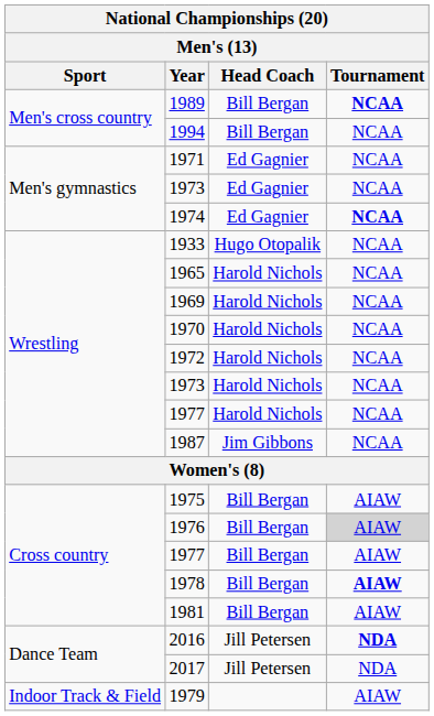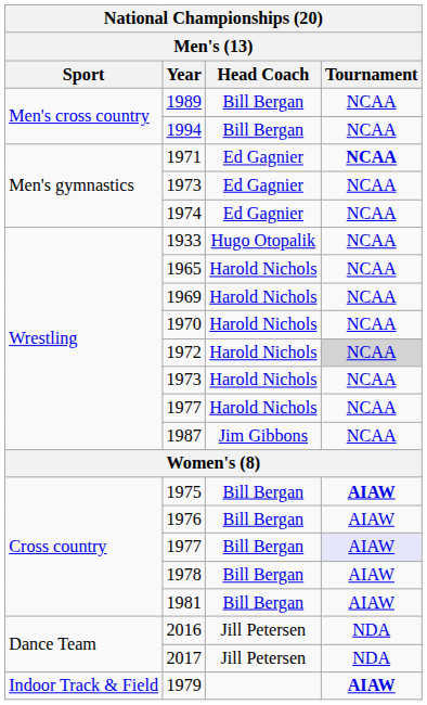 <table class="wikitable">
 <tr>
 <th colspan="4">National Championships (20)</th>
 </tr>
 <tr>
 <th colspan="4">Men's (13)</th>
 </tr>
 <tr>
 <th scope="col">Sport</th>
 <th scope="col">Year</th>
 <th scope="col">Head Coach</th>
 <th scope="col">Tournament</th>
 </tr>
 <tr>
 <td rowspan="2"><a href='#'>Men's cross country</a></td>
 <td style="text-align: center;"><a href='#'>1989</a></td>
 <td style="text-align: center;"><a href='#'>Bill Bergan</a></td>
-<td style="text-align: center;"><strong><a href='#'>NCAA</a></strong></td>
+<td style="text-align: center;"><a href='#'>NCAA</a></td>
 </tr>
 <tr>
 <td style="text-align: center;"><a href='#'>1994</a></td>
 <td style="text-align: center;"><a href='#'>Bill Bergan</a></td>
 <td style="text-align: center;"><a href='#'>NCAA</a></td>
 </tr>
 <tr>
 <td rowspan="3">Men's gymnastics</td>
 <td style="text-align: center;">1971</td>
 <td style="text-align: center;"><a href='#'>Ed Gagnier</a></td>
-<td style="text-align: center;"><a href='#'>NCAA</a></td>
+<td style="text-align: center;"><strong><a href='#'>NCAA</a></strong></td>
 </tr>
 <tr>
 <td style="text-align: center;">1973</td>
 <td style="text-align: center;"><a href='#'>Ed Gagnier</a></td>
 <td style="text-align: center;"><a href='#'>NCAA</a></td>
 </tr>
 <tr>
 <td style="text-align: center;">1974</td>
 <td style="text-align: center;"><a href='#'>Ed Gagnier</a></td>
-<td style="text-align: center;"><strong><a href='#'>NCAA</a></strong></td>
+<td style="text-align: center;"><a href='#'>NCAA</a></td>
 </tr>
 <tr>
 <td rowspan="8"><a href='#'>Wrestling</a></td>
 <td style="text-align: center;">1933</td>
 <td style="text-align: center;"><a href='#'>Hugo Otopalik</a></td>
 <td style="text-align: center;"><a href='#'>NCAA</a></td>
 </tr>
 <tr>
 <td style="text-align: center;">1965</td>
 <td style="text-align: center;"><a href='#'>Harold Nichols</a></td>
 <td style="text-align: center;"><a href='#'>NCAA</a></td>
 </tr>
 <tr>
 <td style="text-align: center;">1969</td>
 <td style="text-align: center;"><a href='#'>Harold Nichols</a></td>
 <td style="text-align: center;"><a href='#'>NCAA</a></td>
 </tr>
 <tr>
 <td style="text-align: center;">1970</td>
 <td style="text-align: center;"><a href='#'>Harold Nichols</a></td>
 <td style="text-align: center;"><a href='#'>NCAA</a></td>
 </tr>
 <tr>
 <td style="text-align: center;">1972</td>
 <td style="text-align: center;"><a href='#'>Harold Nichols</a></td>
-<td style="text-align: center;"><a href='#'>NCAA</a></td>
+<td style="background: lightgrey; text-align: center;"><a href='#'>NCAA</a></td>
 </tr>
 <tr>
 <td style="text-align: center;">1973</td>
 <td style="text-align: center;"><a href='#'>Harold Nichols</a></td>
 <td style="text-align: center;"><a href='#'>NCAA</a></td>
 </tr>
 <tr>
 <td style="text-align: center;">1977</td>
 <td style="text-align: center;"><a href='#'>Harold Nichols</a></td>
 <td style="text-align: center;"><a href='#'>NCAA</a></td>
 </tr>
 <tr>
 <td style="text-align: center;">1987</td>
 <td style="text-align: center;"><a href='#'>Jim Gibbons</a></td>
 <td style="text-align: center;"><a href='#'>NCAA</a></td>
 </tr>
 <tr>
 <th colspan="4">Women's (8)</th>
 </tr>
 <tr>
 <td rowspan="5"><a href='#'>Cross country</a></td>
 <td style="text-align: center;">1975</td>
 <td style="text-align: center;"><a href='#'>Bill Bergan</a></td>
-<td style="text-align: center;"><a href='#'>AIAW</a></td>
+<td style="text-align: center;"><strong><a href='#'>AIAW</a></strong></td>
 </tr>
 <tr>
 <td style="text-align: center;">1976</td>
 <td style="text-align: center;"><a href='#'>Bill Bergan</a></td>
-<td style="background: lightgrey; text-align: center;"><a href='#'>AIAW</a></td>
+<td style="text-align: center;"><a href='#'>AIAW</a></td>
 </tr>
 <tr>
 <td style="text-align: center;">1977</td>
 <td style="text-align: center;"><a href='#'>Bill Bergan</a></td>
-<td style="text-align: center;"><a href='#'>AIAW</a></td>
+<td style="background: lavender; text-align: center;"><a href='#'>AIAW</a></td>
 </tr>
 <tr>
 <td style="text-align: center;">1978</td>
 <td style="text-align: center;"><a href='#'>Bill Bergan</a></td>
-<td style="text-align: center;"><strong><a href='#'>AIAW</a></strong></td>
+<td style="text-align: center;"><a href='#'>AIAW</a></td>
 </tr>
 <tr>
 <td style="text-align: center;">1981</td>
 <td style="text-align: center;"><a href='#'>Bill Bergan</a></td>
 <td style="text-align: center;"><a href='#'>AIAW</a></td>
 </tr>
 <tr>
 <td rowspan="2">Dance Team</td>
 <td style="text-align: center;">2016</td>
 <td style="text-align: center;">Jill Petersen</td>
-<td style="text-align: center;"><strong><a href='#'>NDA</a></strong></td>
+<td style="text-align: center;"><a href='#'>NDA</a></td>
 </tr>
 <tr>
 <td style="text-align: center;">2017</td>
 <td style="text-align: center;">Jill Petersen</td>
 <td style="text-align: center;"><a href='#'>NDA</a></td>
 </tr>
 <tr>
 <td rowspan="2"><a href='#'>Indoor Track & Field</a></td>
 <td style="text-align: center;">1979</td>
 <td style="text-align: center;"></td>
-<td style="text-align: center;"><a href='#'>AIAW</a></td>
+<td style="text-align: center;"><strong><a href='#'>AIAW</a></strong></td>
 </tr>
 </table>
